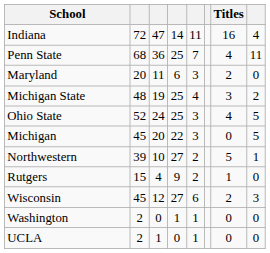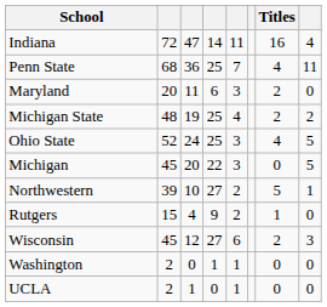 <table class="wikitable sortable">
 <tr>
 <th width=150px>School</th>
 <th width=px></th>
 <th width=px></th>
 <th width=px></th>
 <th width=px></th>
 <th width=px></th>
 <th width=px>Titles</th>
 <th width=px></th>
 </tr>
 <tr>
 <td>Indiana</td>
 <td align=center>72</td>
 <td align=center>47</td>
 <td align=center>14</td>
 <td align=center>11</td>
 <td align=center></td>
 <td align=center>16</td>
 <td align=center>4</td>
 </tr>
 <tr>
 <td>Penn State</td>
 <td align=center>68</td>
 <td align=center>36</td>
 <td align=center>25</td>
 <td align=center>7</td>
 <td align=center></td>
 <td align=center>4</td>
 <td align=center>11</td>
 </tr>
 <tr>
 <td>Maryland</td>
 <td align=center>20</td>
 <td align=center>11</td>
 <td align=center>6</td>
 <td align=center>3</td>
 <td align=center></td>
 <td align=center>2</td>
 <td align=center>0</td>
 </tr>
 <tr>
 <td>Michigan State</td>
 <td align=center>48</td>
 <td align=center>19</td>
 <td align=center>25</td>
 <td align=center>4</td>
 <td align=center></td>
-<td align=center>3</td>
+<td align=center>2</td>
 <td align=center>2</td>
 </tr>
 <tr>
 <td>Ohio State</td>
 <td align=center>52</td>
 <td align=center>24</td>
 <td align=center>25</td>
 <td align=center>3</td>
 <td align=center></td>
 <td align=center>4</td>
 <td align=center>5</td>
 </tr>
 <tr>
 <td>Michigan</td>
 <td align=center>45</td>
 <td align=center>20</td>
 <td align=center>22</td>
 <td align=center>3</td>
 <td align=center></td>
 <td align=center>0</td>
 <td align=center>5</td>
 </tr>
 <tr>
 <td>Northwestern</td>
 <td align=center>39</td>
 <td align=center>10</td>
 <td align=center>27</td>
 <td align=center>2</td>
 <td align=center></td>
 <td align=center>5</td>
 <td align=center>1</td>
 </tr>
 <tr>
 <td>Rutgers</td>
 <td align=center>15</td>
 <td align=center>4</td>
 <td align=center>9</td>
 <td align=center>2</td>
 <td align=center></td>
 <td align=center>1</td>
 <td align=center>0</td>
 </tr>
 <tr>
 <td>Wisconsin</td>
 <td align=center>45</td>
 <td align=center>12</td>
 <td align=center>27</td>
 <td align=center>6</td>
 <td align=center></td>
 <td align=center>2</td>
 <td align=center>3</td>
 </tr>
 <tr>
 <td>Washington</td>
 <td align=center>2</td>
 <td align=center>0</td>
 <td align=center>1</td>
 <td align=center>1</td>
 <td align=center></td>
 <td align=center>0</td>
 <td align=center>0</td>
 </tr>
 <tr>
 <td>UCLA</td>
 <td align=center>2</td>
 <td align=center>1</td>
 <td align=center>0</td>
 <td align=center>1</td>
 <td align=center></td>
 <td align=center>0</td>
 <td align=center>0</td>
 </tr>
 </table>
